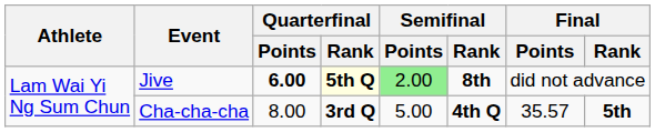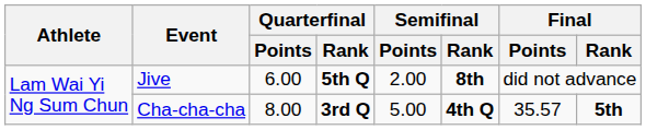 <table class=wikitable style="font-size:90%">
 <tr>
 <th rowspan=2>Athlete</th>
 <th rowspan=2>Event</th>
 <th colspan=2>Quarterfinal</th>
 <th colspan=2>Semifinal</th>
 <th colspan=2>Final</th>
 </tr>
 <tr>
 <th>Points</th>
 <th>Rank</th>
 <th>Points</th>
 <th>Rank</th>
 <th>Points</th>
 <th>Rank</th>
 </tr>
 <tr>
 <td rowspan=2><a href='#'>Lam Wai Yi</a><br><a href='#'>Ng Sum Chun</a></td>
 <td><a href='#'>Jive</a></td>
-<td align=center><strong>6.00</strong></td>
-<td align=center style="background: lightyellow;"><strong>5th Q</strong></td>
-<td align=center style="background: lightgreen;">2.00</td>
+<td align=center>6.00</td>
+<td align=center><strong>5th Q</strong></td>
+<td align=center>2.00</td>
 <td align=center><strong>8th</strong></td>
 <td align=center colspan=2>did not advance</td>
 </tr>
 <tr>
 <td><a href='#'>Cha-cha-cha</a></td>
 <td align=center>8.00</td>
 <td align=center><strong>3rd Q</strong></td>
 <td align=center>5.00</td>
 <td align=center><strong>4th Q</strong></td>
 <td align=center>35.57</td>
 <td align=center><strong>5th</strong></td>
 </tr>
 </table>
